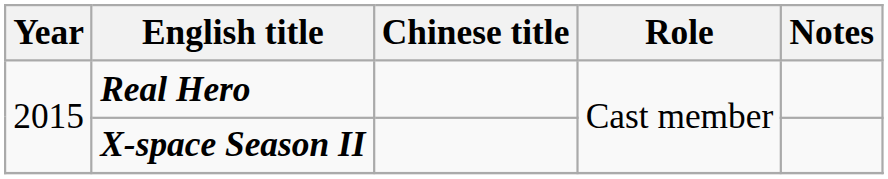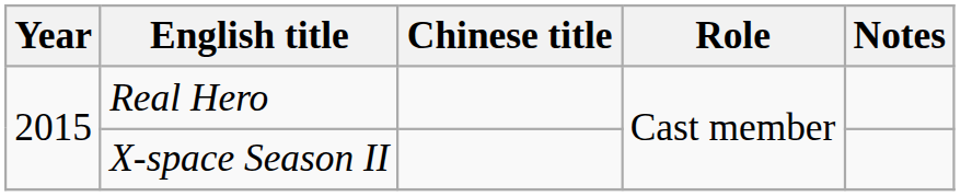 <table class="wikitable">
 <tr>
 <th>Year</th>
 <th>English title</th>
 <th>Chinese title</th>
 <th>Role</th>
 <th>Notes</th>
 </tr>
 <tr>
 <td rowspan="2">2015</td>
-<td><strong><em>Real Hero</em></strong></td>
+<td><em>Real Hero</em></td>
 <td></td>
 <td rowspan=2>Cast member</td>
 <td></td>
 </tr>
 <tr>
-<td><strong><em>X-space Season II</em></strong></td>
+<td><em>X-space Season II</em></td>
 <td></td>
 <td></td>
 </tr>
 <tr>
 </tr>
 </table>
